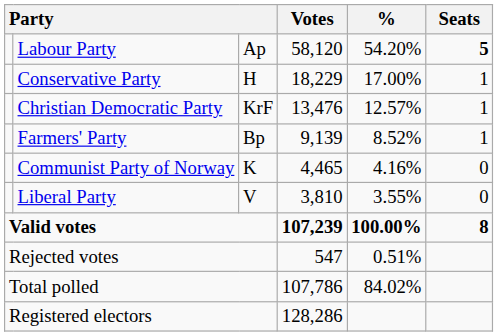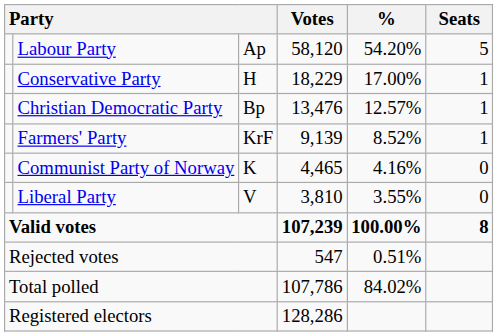 <table class="wikitable" border="1" style="text-align:right;">
 <tr>
 <th style="text-align:left;" colspan=3>Party</th>
 <th align=center width="50">Votes</th>
 <th align=center width="50">%</th>
 <th align=center width="50">Seats</th>
 </tr>
 <tr>
 <td style="color:inherit;background:"></td>
 <td align=left><a href='#'>Labour Party</a></td>
 <td align=left>Ap</td>
 <td>58,120</td>
 <td>54.20%</td>
-<td><strong>5</strong></td>
+<td>5</td>
 </tr>
 <tr>
 <td style="color:inherit;background:"></td>
 <td align=left><a href='#'>Conservative Party</a></td>
 <td align=left>H</td>
 <td>18,229</td>
 <td>17.00%</td>
 <td>1</td>
 </tr>
 <tr>
 <td style="color:inherit;background:"></td>
 <td align=left><a href='#'>Christian Democratic Party</a></td>
-<td align=left>KrF</td>
+<td align=left>Bp</td>
 <td>13,476</td>
 <td>12.57%</td>
 <td>1</td>
 </tr>
 <tr>
 <td style="color:inherit;background:"></td>
 <td align=left><a href='#'>Farmers' Party</a></td>
-<td align=left>Bp</td>
+<td align=left>KrF</td>
 <td>9,139</td>
 <td>8.52%</td>
 <td>1</td>
 </tr>
 <tr>
 <td style="color:inherit;background:"></td>
 <td align=left><a href='#'>Communist Party of Norway</a></td>
 <td align=left>K</td>
 <td>4,465</td>
 <td>4.16%</td>
 <td>0</td>
 </tr>
 <tr>
 <td style="color:inherit;background:"></td>
 <td align=left><a href='#'>Liberal Party</a></td>
 <td align=left>V</td>
 <td>3,810</td>
 <td>3.55%</td>
 <td>0</td>
 </tr>
 <tr style="font-weight:bold">
 <td align=left colspan=3>Valid votes</td>
 <td>107,239</td>
 <td>100.00%</td>
 <td>8</td>
 </tr>
 <tr>
 <td align=left colspan=3>Rejected votes</td>
 <td>547</td>
 <td>0.51%</td>
 <td></td>
 </tr>
 <tr>
 <td align=left colspan=3>Total polled</td>
 <td>107,786</td>
 <td>84.02%</td>
 <td></td>
 </tr>
 <tr>
 <td align=left colspan=3>Registered electors</td>
 <td>128,286</td>
 <td></td>
 <td></td>
 </tr>
 </table>
